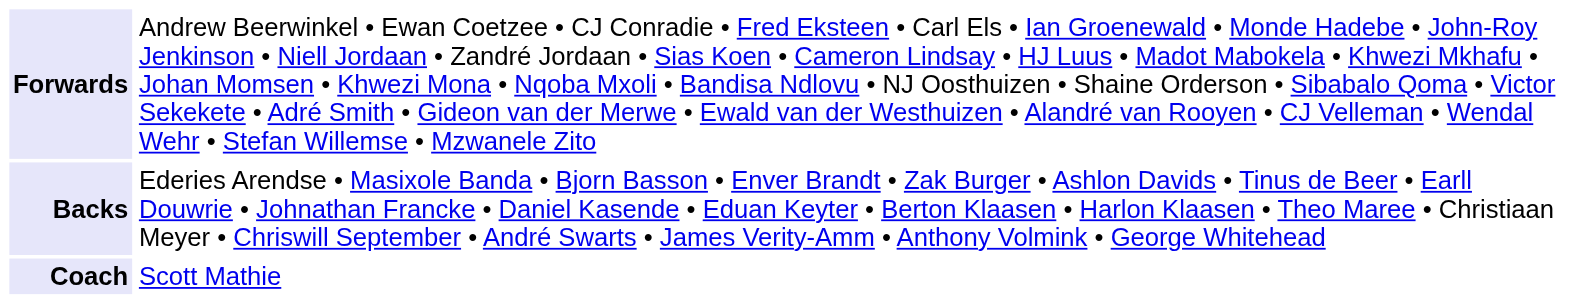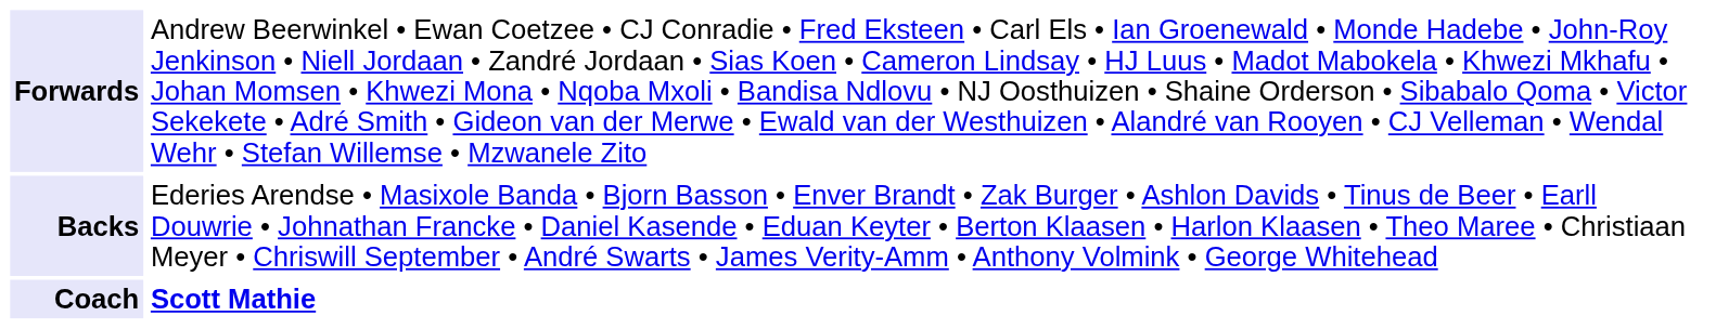 <table cellpadding="2" style="border: 1px solid white; font-size:90%;">
 <tr>
 <td style="text-align:right;" bgcolor="lavender"><strong>Forwards</strong></td>
 <td style="text-align:left;">Andrew Beerwinkel • Ewan Coetzee • CJ Conradie • <a href='#'>Fred Eksteen</a> • Carl Els • <a href='#'>Ian Groenewald</a> • <a href='#'>Monde Hadebe</a> • <a href='#'>John-Roy Jenkinson</a> • <a href='#'>Niell Jordaan</a> • Zandré Jordaan • <a href='#'>Sias Koen</a> • <a href='#'>Cameron Lindsay</a> • <a href='#'>HJ Luus</a> • <a href='#'>Madot Mabokela</a> • <a href='#'>Khwezi Mkhafu</a> • <a href='#'>Johan Momsen</a> • <a href='#'>Khwezi Mona</a> • <a href='#'>Nqoba Mxoli</a> • <a href='#'>Bandisa Ndlovu</a> • NJ Oosthuizen • Shaine Orderson • <a href='#'>Sibabalo Qoma</a> • <a href='#'>Victor Sekekete</a> • <a href='#'>Adré Smith</a> • <a href='#'>Gideon van der Merwe</a> • <a href='#'>Ewald van der Westhuizen</a> • <a href='#'>Alandré van Rooyen</a> • <a href='#'>CJ Velleman</a> • <a href='#'>Wendal Wehr</a> • <a href='#'>Stefan Willemse</a> • <a href='#'>Mzwanele Zito</a></td>
 </tr>
 <tr>
 <td style="text-align:right;" bgcolor="lavender"><strong>Backs</strong></td>
 <td style="text-align:left;">Ederies Arendse • <a href='#'>Masixole Banda</a> • <a href='#'>Bjorn Basson</a> • <a href='#'>Enver Brandt</a> • <a href='#'>Zak Burger</a> • <a href='#'>Ashlon Davids</a> • <a href='#'>Tinus de Beer</a> • <a href='#'>Earll Douwrie</a> • <a href='#'>Johnathan Francke</a> • <a href='#'>Daniel Kasende</a> • <a href='#'>Eduan Keyter</a> • <a href='#'>Berton Klaasen</a> • <a href='#'>Harlon Klaasen</a> • <a href='#'>Theo Maree</a> • Christiaan Meyer • <a href='#'>Chriswill September</a> • <a href='#'>André Swarts</a> • <a href='#'>James Verity-Amm</a> • <a href='#'>Anthony Volmink</a> • <a href='#'>George Whitehead</a></td>
 </tr>
 <tr>
 <td style="text-align:right;" bgcolor="lavender"><strong>Coach</strong></td>
-<td style="text-align:left;"><a href='#'>Scott Mathie</a></td>
+<td style="text-align:left;"><strong><a href='#'>Scott Mathie</a></strong></td>
 </tr>
 </table>
